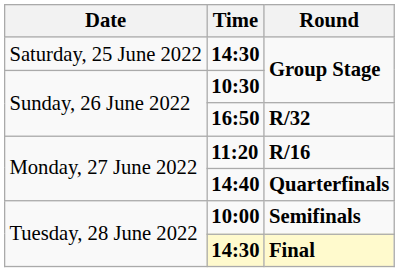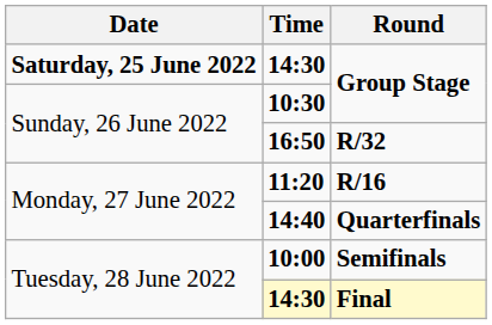 <table class="wikitable">
 <tr>
 <th>Date</th>
 <th>Time</th>
 <th>Round</th>
 </tr>
 <tr>
-<td>Saturday, 25 June 2022</td>
+<td><strong>Saturday, 25 June 2022</strong></td>
 <td><strong>14:30</strong></td>
 <td rowspan=2><strong>Group Stage</strong></td>
 </tr>
 <tr>
 <td rowspan=2>Sunday, 26 June 2022</td>
 <td><strong>10:30</strong></td>
 </tr>
 <tr>
 <td><strong>16:50</strong></td>
 <td><strong>R/32</strong></td>
 </tr>
 <tr>
 <td rowspan=2>Monday, 27 June 2022</td>
 <td><strong>11:20</strong></td>
 <td><strong>R/16</strong></td>
 </tr>
 <tr>
 <td><strong>14:40</strong></td>
 <td><strong>Quarterfinals</strong></td>
 </tr>
 <tr>
 <td rowspan=2>Tuesday, 28 June 2022</td>
 <td><strong>10:00</strong></td>
 <td><strong>Semifinals</strong></td>
 </tr>
 <tr style="background:lemonchiffon;">
 <td><strong>14:30</strong></td>
 <td><strong>Final</strong></td>
 </tr>
 </table>
